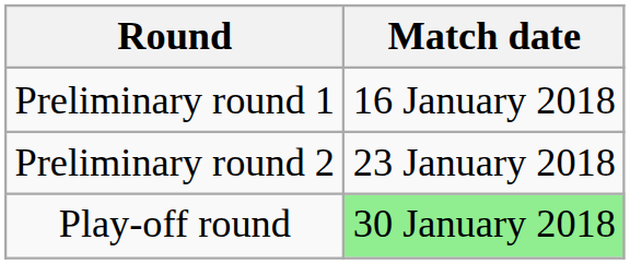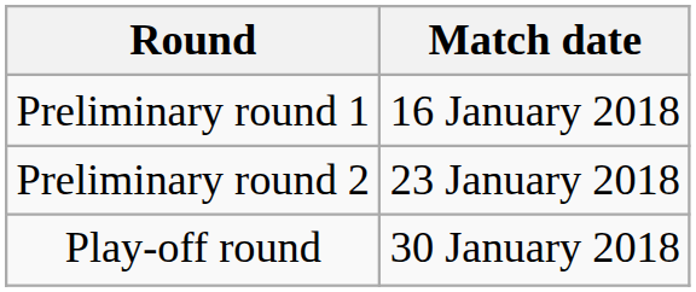 <table class="wikitable" style="text-align:center">
 <tr>
 <th>Round</th>
 <th>Match date</th>
 </tr>
 <tr>
 <td>Preliminary round 1</td>
 <td>16 January 2018</td>
 </tr>
 <tr>
 <td>Preliminary round 2</td>
 <td>23 January 2018</td>
 </tr>
 <tr>
 <td>Play-off round</td>
-<td style="background: lightgreen;">30 January 2018</td>
+<td>30 January 2018</td>
 </tr>
 </table>
